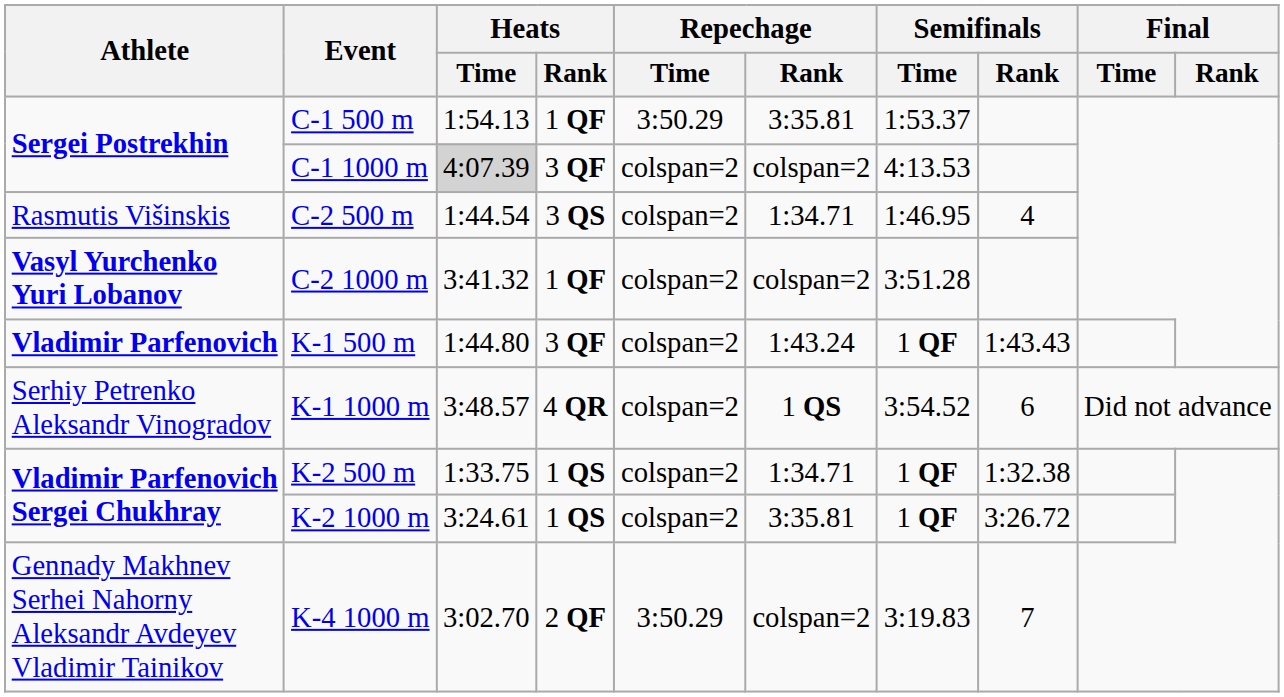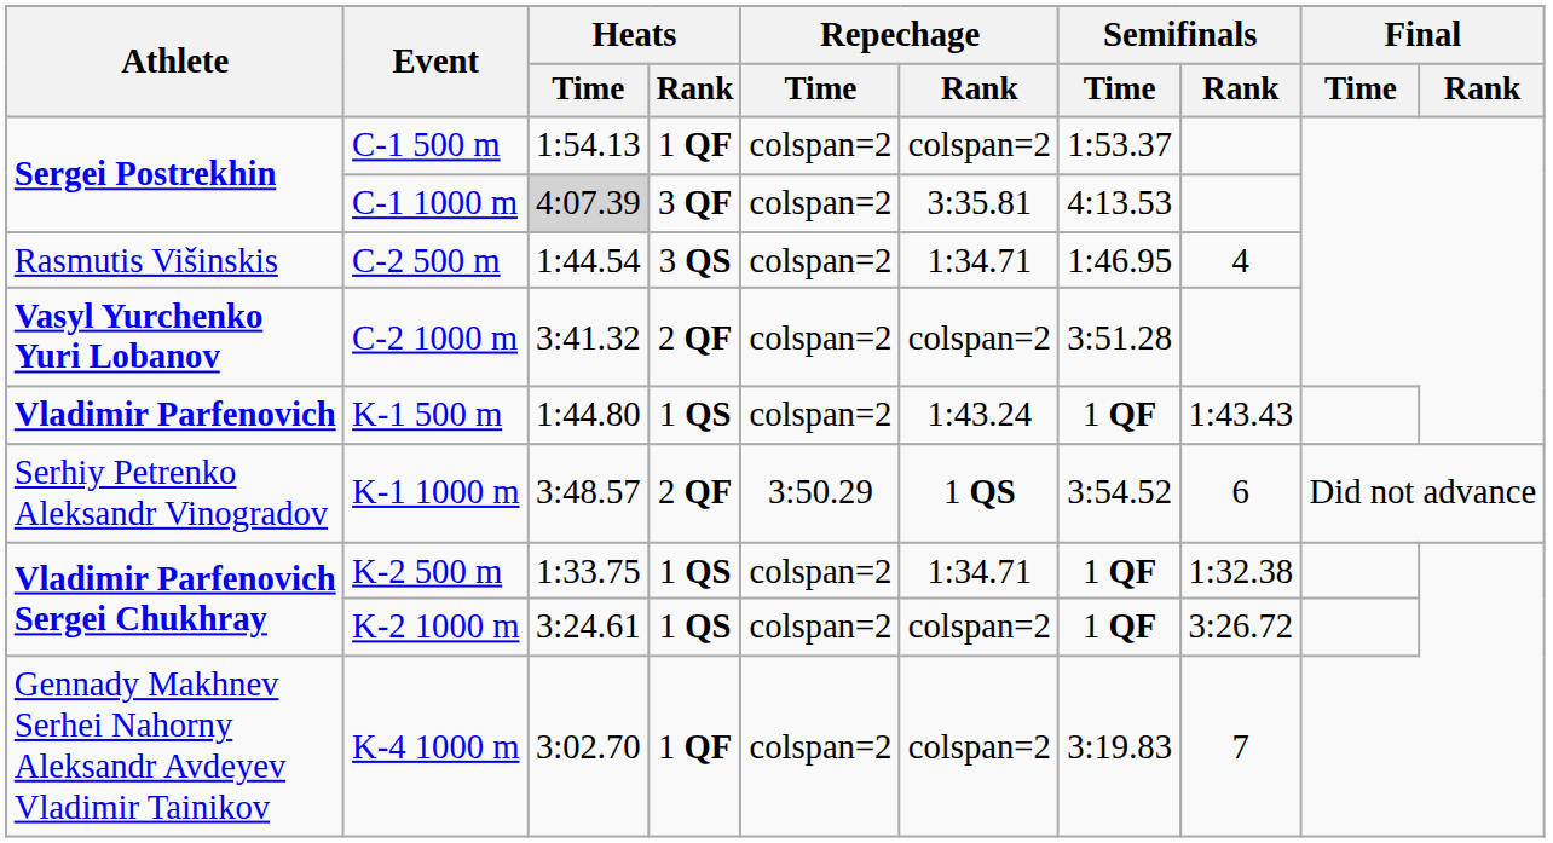 <table class="wikitable" style="text-align:center;font-size:90%">
 <tr>
 <th rowspan=2>Athlete</th>
 <th rowspan=2>Event</th>
 <th colspan=2>Heats</th>
 <th colspan=2>Repechage</th>
 <th colspan=2>Semifinals</th>
 <th colspan=2>Final</th>
 </tr>
 <tr style="font-size:95%">
 <th>Time</th>
 <th>Rank</th>
 <th>Time</th>
 <th>Rank</th>
 <th>Time</th>
 <th>Rank</th>
 <th>Time</th>
 <th>Rank</th>
 </tr>
 <tr>
 <td rowspan=2 align=left><strong><a href='#'>Sergei Postrekhin</a></strong></td>
 <td align=left><a href='#'>C-1 500 m</a></td>
 <td>1:54.13</td>
 <td>1 <strong>QF</strong></td>
-<td>3:50.29</td>
-<td>3:35.81</td>
+<td>colspan=2 </td>
+<td>colspan=2 </td>
 <td>1:53.37</td>
 <td></td>
 </tr>
 <tr>
 <td align=left><a href='#'>C-1 1000 m</a></td>
 <td style="background: lightgrey;">4:07.39</td>
 <td>3 <strong>QF</strong></td>
 <td>colspan=2 </td>
-<td>colspan=2 </td>
+<td>3:35.81</td>
 <td>4:13.53</td>
 <td></td>
 </tr>
 <tr>
 <td align=left><a href='#'>Rasmutis Višinskis</a></td>
 <td align=left><a href='#'>C-2 500 m</a></td>
 <td>1:44.54</td>
 <td>3 <strong>QS</strong></td>
 <td>colspan=2 </td>
 <td>1:34.71</td>
 <td>1:46.95</td>
 <td>4</td>
 </tr>
 <tr>
 <td align=left><strong><a href='#'>Vasyl Yurchenko</a><br><a href='#'>Yuri Lobanov</a></strong></td>
 <td align=left><a href='#'>C-2 1000 m</a></td>
 <td>3:41.32</td>
-<td>1 <strong>QF</strong></td>
+<td>2 <strong>QF</strong></td>
 <td>colspan=2 </td>
 <td>colspan=2 </td>
 <td>3:51.28</td>
 <td></td>
 </tr>
 <tr>
 <td align=left><strong><a href='#'>Vladimir Parfenovich</a></strong></td>
 <td align=left><a href='#'>K-1 500 m</a></td>
 <td>1:44.80</td>
-<td>3 <strong>QF</strong></td>
+<td>1 <strong>QS</strong></td>
 <td>colspan=2 </td>
 <td>1:43.24</td>
 <td>1 <strong>QF</strong></td>
 <td>1:43.43</td>
 <td></td>
 </tr>
 <tr>
 <td align=left><a href='#'>Serhiy Petrenko</a><br><a href='#'>Aleksandr Vinogradov</a></td>
 <td align=left><a href='#'>K-1 1000 m</a></td>
 <td>3:48.57</td>
-<td>4 <strong>QR</strong></td>
-<td>colspan=2 </td>
+<td>2 <strong>QF</strong></td>
+<td>3:50.29</td>
 <td>1 <strong>QS</strong></td>
 <td>3:54.52</td>
 <td>6</td>
 <td colspan=2>Did not advance</td>
 </tr>
 <tr>
 <td rowspan=2 align=left><strong><a href='#'>Vladimir Parfenovich</a><br><a href='#'>Sergei Chukhray</a></strong></td>
 <td align=left><a href='#'>K-2 500 m</a></td>
 <td>1:33.75</td>
 <td>1 <strong>QS</strong></td>
 <td>colspan=2 </td>
 <td>1:34.71</td>
 <td>1 <strong>QF</strong></td>
 <td>1:32.38</td>
 <td></td>
 </tr>
 <tr>
 <td align=left><a href='#'>K-2 1000 m</a></td>
 <td>3:24.61</td>
 <td>1 <strong>QS</strong></td>
 <td>colspan=2 </td>
-<td>3:35.81</td>
+<td>colspan=2 </td>
 <td>1 <strong>QF</strong></td>
 <td>3:26.72</td>
 <td></td>
 </tr>
 <tr>
 <td align=left><a href='#'>Gennady Makhnev</a><br><a href='#'>Serhei Nahorny</a><br><a href='#'>Aleksandr Avdeyev</a><br><a href='#'>Vladimir Tainikov</a></td>
 <td align=left><a href='#'>K-4 1000 m</a></td>
 <td>3:02.70</td>
-<td>2 <strong>QF</strong></td>
-<td>3:50.29</td>
+<td>1 <strong>QF</strong></td>
+<td>colspan=2 </td>
 <td>colspan=2 </td>
 <td>3:19.83</td>
 <td>7</td>
 </tr>
 </table>
